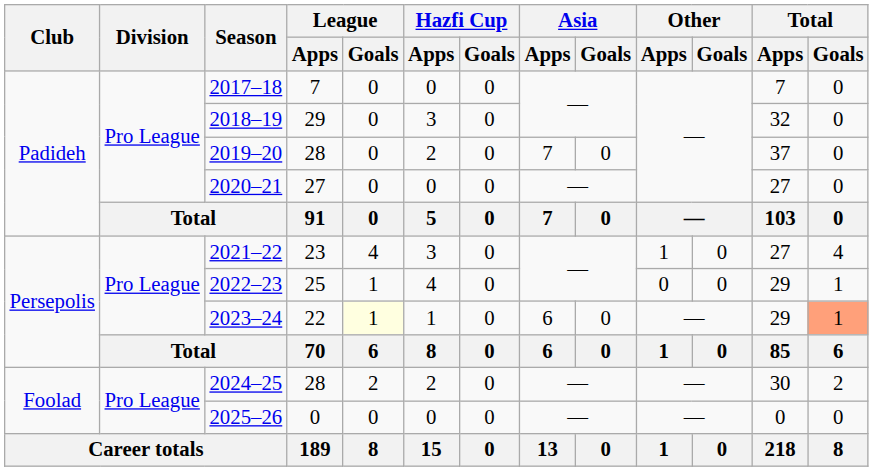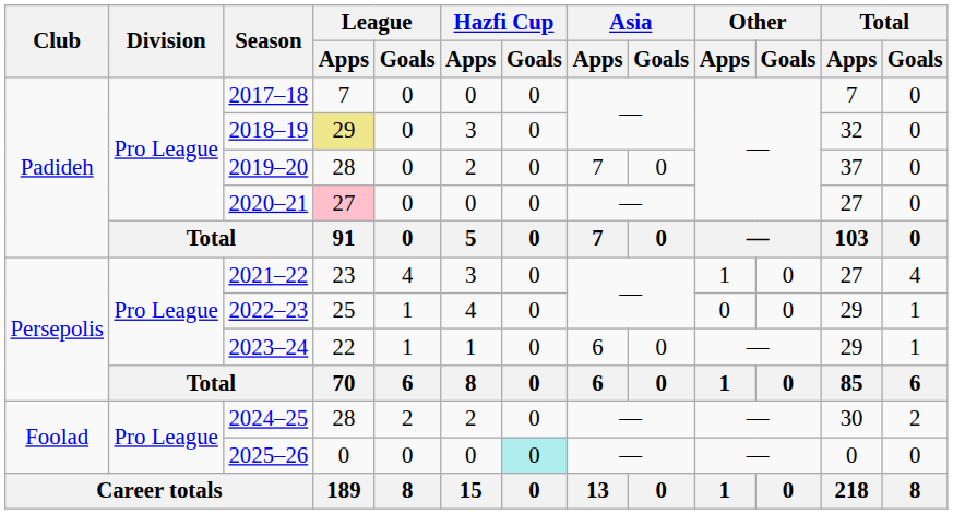 <table class="wikitable" style="text-align: center;">
 <tr>
 <th rowspan="2">Club</th>
 <th rowspan="2">Division</th>
 <th rowspan="2">Season</th>
 <th colspan="2">League</th>
 <th colspan="2"><a href='#'>Hazfi Cup</a></th>
 <th colspan="2"><a href='#'>Asia</a></th>
 <th colspan="2">Other</th>
 <th colspan="2">Total</th>
 </tr>
 <tr>
 <th>Apps</th>
 <th>Goals</th>
 <th>Apps</th>
 <th>Goals</th>
 <th>Apps</th>
 <th>Goals</th>
 <th>Apps</th>
 <th>Goals</th>
 <th>Apps</th>
 <th>Goals</th>
 </tr>
 <tr>
 <td rowspan="5"><a href='#'>Padideh</a></td>
 <td rowspan="4"><a href='#'>Pro League</a></td>
 <td><a href='#'>2017–18</a></td>
 <td>7</td>
 <td>0</td>
 <td>0</td>
 <td>0</td>
 <td colspan="2" rowspan="2">—</td>
 <td colspan="2" rowspan="4">—</td>
 <td>7</td>
 <td>0</td>
 </tr>
 <tr>
 <td><a href='#'>2018–19</a></td>
-<td>29</td>
+<td style="background: khaki;">29</td>
 <td>0</td>
 <td>3</td>
 <td>0</td>
 <td>32</td>
 <td>0</td>
 </tr>
 <tr>
 <td><a href='#'>2019–20</a></td>
 <td>28</td>
 <td>0</td>
 <td>2</td>
 <td>0</td>
 <td>7</td>
 <td>0</td>
 <td>37</td>
 <td>0</td>
 </tr>
 <tr>
 <td><a href='#'>2020–21</a></td>
-<td>27</td>
+<td style="background: pink;">27</td>
 <td>0</td>
 <td>0</td>
 <td>0</td>
 <td colspan=2>—</td>
 <td>27</td>
 <td>0</td>
 </tr>
 <tr>
 <th colspan="2">Total</th>
 <th>91</th>
 <th>0</th>
 <th>5</th>
 <th>0</th>
 <th>7</th>
 <th>0</th>
 <th colspan="2">—</th>
 <th>103</th>
 <th>0</th>
 </tr>
 <tr>
 <td rowspan="4"><a href='#'>Persepolis</a></td>
 <td rowspan="3"><a href='#'>Pro League</a></td>
 <td><a href='#'>2021–22</a></td>
 <td>23</td>
 <td>4</td>
 <td>3</td>
 <td>0</td>
 <td colspan="2" rowspan="2">—</td>
 <td>1</td>
 <td>0</td>
 <td>27</td>
 <td>4</td>
 </tr>
 <tr>
 <td><a href='#'>2022–23</a></td>
 <td>25</td>
 <td>1</td>
 <td>4</td>
 <td>0</td>
 <td>0</td>
 <td>0</td>
 <td>29</td>
 <td>1</td>
 </tr>
 <tr>
 <td><a href='#'>2023–24</a></td>
 <td>22</td>
-<td style="background: lightyellow;">1</td>
+<td>1</td>
 <td>1</td>
 <td>0</td>
 <td>6</td>
 <td>0</td>
 <td colspan="2">—</td>
 <td>29</td>
-<td style="background: lightsalmon;">1</td>
+<td>1</td>
 </tr>
 <tr>
 <th colspan="2">Total</th>
 <th>70</th>
 <th>6</th>
 <th>8</th>
 <th>0</th>
 <th>6</th>
 <th>0</th>
 <th>1</th>
 <th>0</th>
 <th>85</th>
 <th>6</th>
 </tr>
 <tr>
 <td rowspan="2"><a href='#'>Foolad</a></td>
 <td rowspan="2"><a href='#'>Pro League</a></td>
 <td><a href='#'>2024–25</a></td>
 <td>28</td>
 <td>2</td>
 <td>2</td>
 <td>0</td>
 <td colspan=2>—</td>
 <td colspan=2>—</td>
 <td>30</td>
 <td>2</td>
 </tr>
 <tr>
 <td><a href='#'>2025–26</a></td>
 <td>0</td>
 <td>0</td>
 <td>0</td>
-<td>0</td>
+<td style="background: paleturquoise;">0</td>
 <td colspan=2>—</td>
 <td colspan=2>—</td>
 <td>0</td>
 <td>0</td>
 </tr>
 <tr>
 <th colspan="3">Career totals</th>
 <th>189</th>
 <th>8</th>
 <th>15</th>
 <th>0</th>
 <th>13</th>
 <th>0</th>
 <th>1</th>
 <th>0</th>
 <th>218</th>
 <th>8</th>
 </tr>
 </table>
